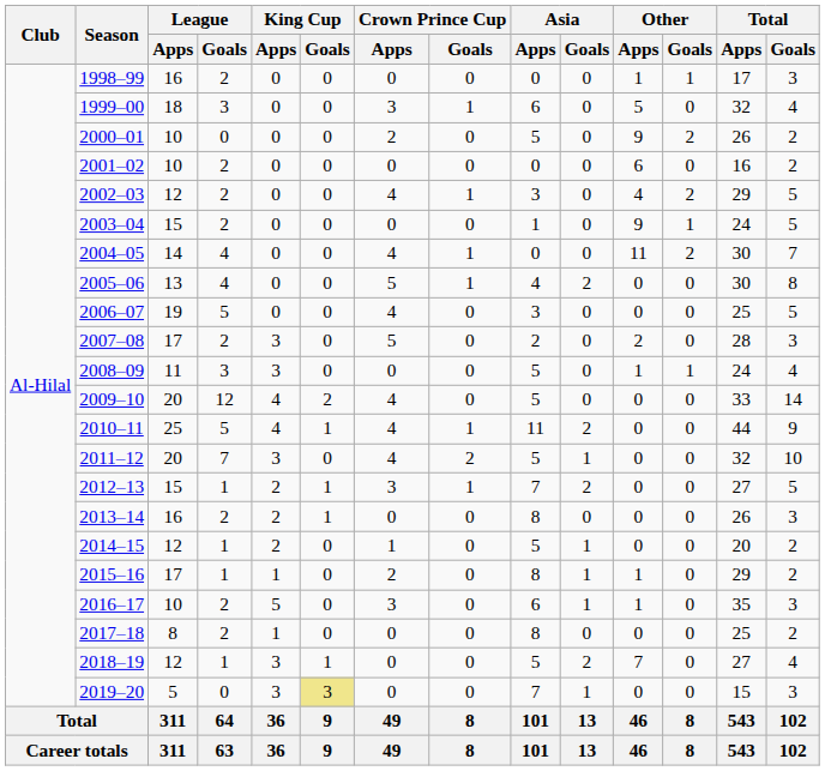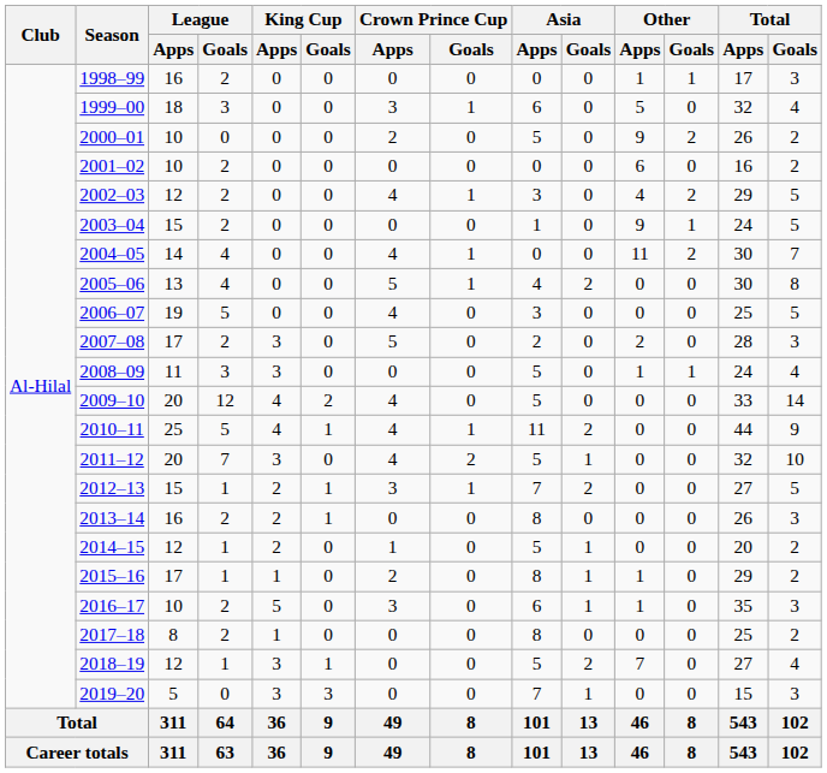 <table class="wikitable" style="text-align: center">
 <tr>
 <th rowspan=2>Club</th>
 <th rowspan=2>Season</th>
 <th colspan=2>League</th>
 <th colspan=2>King Cup</th>
 <th colspan=2>Crown Prince Cup</th>
 <th colspan=2>Asia</th>
 <th colspan=2>Other</th>
 <th colspan=2>Total</th>
 </tr>
 <tr>
 <th>Apps</th>
 <th>Goals</th>
 <th>Apps</th>
 <th>Goals</th>
 <th>Apps</th>
 <th>Goals</th>
 <th>Apps</th>
 <th>Goals</th>
 <th>Apps</th>
 <th>Goals</th>
 <th>Apps</th>
 <th>Goals</th>
 </tr>
 <tr>
 <td rowspan=22><a href='#'>Al-Hilal</a></td>
 <td><a href='#'>1998–99</a></td>
 <td>16</td>
 <td>2</td>
 <td>0</td>
 <td>0</td>
 <td>0</td>
 <td>0</td>
 <td>0</td>
 <td>0</td>
 <td>1</td>
 <td>1</td>
 <td>17</td>
 <td>3</td>
 </tr>
 <tr>
 <td><a href='#'>1999–00</a></td>
 <td>18</td>
 <td>3</td>
 <td>0</td>
 <td>0</td>
 <td>3</td>
 <td>1</td>
 <td>6</td>
 <td>0</td>
 <td>5</td>
 <td>0</td>
 <td>32</td>
 <td>4</td>
 </tr>
 <tr>
 <td><a href='#'>2000–01</a></td>
 <td>10</td>
 <td>0</td>
 <td>0</td>
 <td>0</td>
 <td>2</td>
 <td>0</td>
 <td>5</td>
 <td>0</td>
 <td>9 </td>
 <td>2</td>
 <td>26</td>
 <td>2</td>
 </tr>
 <tr>
 <td><a href='#'>2001–02</a></td>
 <td>10</td>
 <td>2</td>
 <td>0</td>
 <td>0</td>
 <td>0</td>
 <td>0</td>
 <td>0</td>
 <td>0</td>
 <td>6</td>
 <td>0</td>
 <td>16</td>
 <td>2</td>
 </tr>
 <tr>
 <td><a href='#'>2002–03</a></td>
 <td>12</td>
 <td>2</td>
 <td>0</td>
 <td>0</td>
 <td>4</td>
 <td>1</td>
 <td>3</td>
 <td>0</td>
 <td>4</td>
 <td>2</td>
 <td>29</td>
 <td>5</td>
 </tr>
 <tr>
 <td><a href='#'>2003–04</a></td>
 <td>15</td>
 <td>2</td>
 <td>0</td>
 <td>0</td>
 <td>0</td>
 <td>0</td>
 <td>1</td>
 <td>0</td>
 <td>9</td>
 <td>1</td>
 <td>24</td>
 <td>5</td>
 </tr>
 <tr>
 <td><a href='#'>2004–05</a></td>
 <td>14</td>
 <td>4</td>
 <td>0</td>
 <td>0</td>
 <td>4</td>
 <td>1</td>
 <td>0</td>
 <td>0</td>
 <td>11</td>
 <td>2</td>
 <td>30</td>
 <td>7</td>
 </tr>
 <tr>
 <td><a href='#'>2005–06</a></td>
 <td>13</td>
 <td>4</td>
 <td>0</td>
 <td>0</td>
 <td>5</td>
 <td>1</td>
 <td>4</td>
 <td>2</td>
 <td>0</td>
 <td>0</td>
 <td>30</td>
 <td>8</td>
 </tr>
 <tr>
 <td><a href='#'>2006–07</a></td>
 <td>19</td>
 <td>5</td>
 <td>0</td>
 <td>0</td>
 <td>4</td>
 <td>0</td>
 <td>3</td>
 <td>0</td>
 <td>0</td>
 <td>0</td>
 <td>25</td>
 <td>5</td>
 </tr>
 <tr>
 <td><a href='#'>2007–08</a></td>
 <td>17</td>
 <td>2</td>
 <td>3</td>
 <td>0</td>
 <td>5</td>
 <td>0</td>
 <td>2</td>
 <td>0</td>
 <td>2</td>
 <td>0</td>
 <td>28</td>
 <td>3</td>
 </tr>
 <tr>
 <td><a href='#'>2008–09</a></td>
 <td>11</td>
 <td>3</td>
 <td>3</td>
 <td>0</td>
 <td>0</td>
 <td>0</td>
 <td>5</td>
 <td>0</td>
 <td>1</td>
 <td>1</td>
 <td>24</td>
 <td>4</td>
 </tr>
 <tr>
 <td><a href='#'>2009–10</a></td>
 <td>20</td>
 <td>12</td>
 <td>4</td>
 <td>2</td>
 <td>4</td>
 <td>0</td>
 <td>5</td>
 <td>0</td>
 <td>0</td>
 <td>0</td>
 <td>33</td>
 <td>14</td>
 </tr>
 <tr>
 <td><a href='#'>2010–11</a></td>
 <td>25</td>
 <td>5</td>
 <td>4</td>
 <td>1</td>
 <td>4</td>
 <td>1</td>
 <td>11</td>
 <td>2</td>
 <td>0</td>
 <td>0</td>
 <td>44</td>
 <td>9</td>
 </tr>
 <tr>
 <td><a href='#'>2011–12</a></td>
 <td>20</td>
 <td>7</td>
 <td>3</td>
 <td>0</td>
 <td>4</td>
 <td>2</td>
 <td>5</td>
 <td>1</td>
 <td>0</td>
 <td>0</td>
 <td>32</td>
 <td>10</td>
 </tr>
 <tr>
 <td><a href='#'>2012–13</a></td>
 <td>15</td>
 <td>1</td>
 <td>2</td>
 <td>1</td>
 <td>3</td>
 <td>1</td>
 <td>7</td>
 <td>2</td>
 <td>0</td>
 <td>0</td>
 <td>27</td>
 <td>5</td>
 </tr>
 <tr>
 <td><a href='#'>2013–14</a></td>
 <td>16</td>
 <td>2</td>
 <td>2</td>
 <td>1</td>
 <td>0</td>
 <td>0</td>
 <td>8</td>
 <td>0</td>
 <td>0</td>
 <td>0</td>
 <td>26</td>
 <td>3</td>
 </tr>
 <tr>
 <td><a href='#'>2014–15</a></td>
 <td>12</td>
 <td>1</td>
 <td>2</td>
 <td>0</td>
 <td>1</td>
 <td>0</td>
 <td>5</td>
 <td>1</td>
 <td>0</td>
 <td>0</td>
 <td>20</td>
 <td>2</td>
 </tr>
 <tr>
 <td><a href='#'>2015–16</a></td>
 <td>17</td>
 <td>1</td>
 <td>1</td>
 <td>0</td>
 <td>2</td>
 <td>0</td>
 <td>8</td>
 <td>1</td>
 <td>1</td>
 <td>0</td>
 <td>29</td>
 <td>2</td>
 </tr>
 <tr>
 <td><a href='#'>2016–17</a></td>
 <td>10</td>
 <td>2</td>
 <td>5</td>
 <td>0</td>
 <td>3</td>
 <td>0</td>
 <td>6</td>
 <td>1</td>
 <td>1</td>
 <td>0</td>
 <td>35</td>
 <td>3</td>
 </tr>
 <tr>
 <td><a href='#'>2017–18</a></td>
 <td>8</td>
 <td>2</td>
 <td>1</td>
 <td>0</td>
 <td>0</td>
 <td>0</td>
 <td>8</td>
 <td>0</td>
 <td>0</td>
 <td>0</td>
 <td>25</td>
 <td>2</td>
 </tr>
 <tr>
 <td><a href='#'>2018–19</a></td>
 <td>12</td>
 <td>1</td>
 <td>3</td>
 <td>1</td>
 <td>0</td>
 <td>0</td>
 <td>5</td>
 <td>2</td>
 <td>7</td>
 <td>0</td>
 <td>27</td>
 <td>4</td>
 </tr>
 <tr>
 <td><a href='#'>2019–20</a></td>
 <td>5</td>
 <td>0</td>
 <td>3</td>
-<td style="background: khaki;">3</td>
+<td>3</td>
 <td>0</td>
 <td>0</td>
 <td>7</td>
 <td>1</td>
 <td>0</td>
 <td>0</td>
 <td>15</td>
 <td>3</td>
 </tr>
 <tr>
 <th colspan=2>Total</th>
 <th>311</th>
 <th>64</th>
 <th>36</th>
 <th>9</th>
 <th>49</th>
 <th>8</th>
 <th>101</th>
 <th>13</th>
 <th>46</th>
 <th>8</th>
 <th>543</th>
 <th>102</th>
 </tr>
 <tr>
 <th colspan=2>Career totals</th>
 <th>311</th>
 <th>63</th>
 <th>36</th>
 <th>9</th>
 <th>49</th>
 <th>8</th>
 <th>101</th>
 <th>13</th>
 <th>46</th>
 <th>8</th>
 <th>543</th>
 <th>102</th>
 </tr>
 </table>
